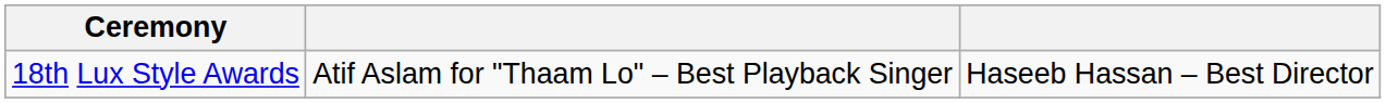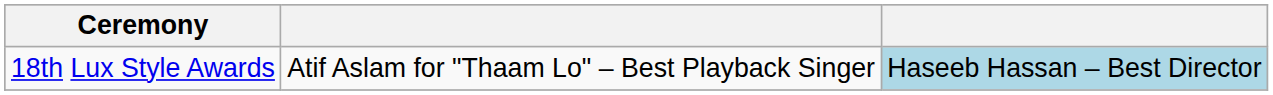 <table class="wikitable">
 <tr>
 <th>Ceremony</th>
 <th></th>
 <th></th>
 </tr>
 <tr>
 <td><a href='#'>18th</a> <a href='#'>Lux Style Awards</a><br></td>
 <td>Atif Aslam for "Thaam Lo" – Best Playback Singer</td>
-<td>Haseeb Hassan – Best Director</td>
+<td style="background: lightblue;">Haseeb Hassan – Best Director</td>
 </tr>
 </table>
